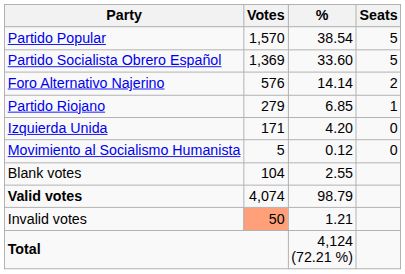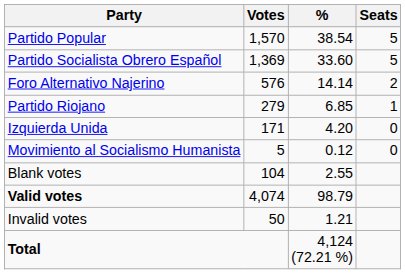 <table class="wikitable">
 <tr style="background:#e9e9e9;">
 <th>Party</th>
 <th>Votes</th>
 <th>%</th>
 <th>Seats</th>
 </tr>
 <tr>
 <td><a href='#'>Partido Popular</a></td>
 <td align="right">1,570</td>
 <td align="right">38.54</td>
 <td align="right">5</td>
 </tr>
 <tr>
 <td><a href='#'>Partido Socialista Obrero Español</a></td>
 <td align="right">1,369</td>
 <td align="right">33.60</td>
 <td align="right">5</td>
 </tr>
 <tr>
 <td><a href='#'>Foro Alternativo Najerino</a></td>
 <td align="right">576</td>
 <td align="right">14.14</td>
 <td align="right">2</td>
 </tr>
 <tr>
 <td><a href='#'>Partido Riojano</a></td>
 <td align="right">279</td>
 <td align="right">6.85</td>
 <td align="right">1</td>
 </tr>
 <tr>
 <td><a href='#'>Izquierda Unida</a></td>
 <td align="right">171</td>
 <td align="right">4.20</td>
 <td align="right">0</td>
 </tr>
 <tr>
 <td><a href='#'>Movimiento al Socialismo Humanista</a></td>
 <td align="right">5</td>
 <td align="right">0.12</td>
 <td align="right">0</td>
 </tr>
 <tr>
 <td>Blank votes</td>
 <td align="right">104</td>
 <td align="right">2.55</td>
 <td> </td>
 </tr>
 <tr>
 <td><strong>Valid votes</strong></td>
 <td align="right">4,074</td>
 <td align="right">98.79</td>
 <td> </td>
 </tr>
 <tr>
 <td>Invalid votes</td>
-<td align="right" style="background: lightsalmon;">50</td>
+<td align="right">50</td>
 <td align="right">1.21</td>
 <td> </td>
 </tr>
 <tr>
 <td colspan="2"><strong>Total</strong></td>
 <td align="right">4,124<br>(72.21 %)</td>
 <td></td>
 </tr>
 </table>
